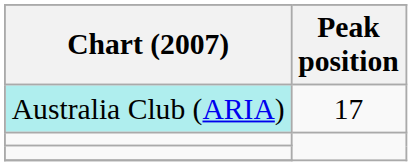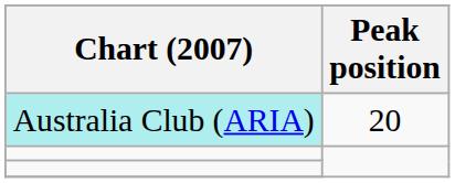 <table class="wikitable sortable">
 <tr>
 <th>Chart (2007)</th>
 <th>Peak<br>position</th>
 </tr>
 <tr>
 <td style="background: paleturquoise;">Australia Club (<a href='#'>ARIA</a>)</td>
-<td align="center">17</td>
+<td align="center">20</td>
 </tr>
 <tr>
 <td></td>
 </tr>
 <tr>
 <td></td>
 </tr>
 <tr>
 </tr>
 </table>
